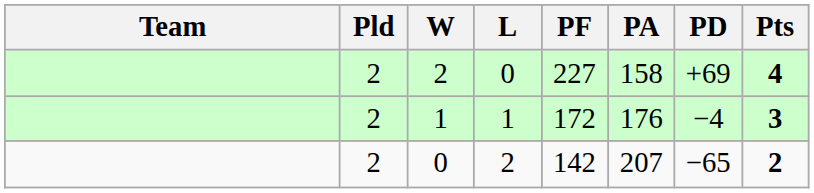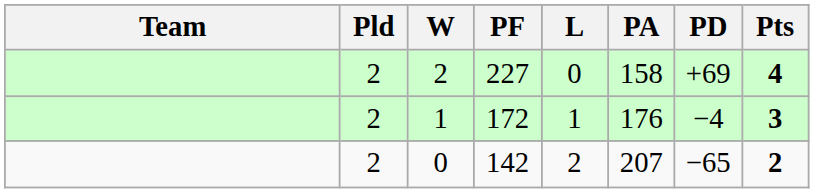 <table class=wikitable style="text-align:center">
 <tr>
 <th width=180>Team</th>
 <th width=30>Pld</th>
 <th width=30>W</th>
+<th width=30>PF</th>
 <th width=30>L</th>
-<th width=30>PF</th>
 <th width=30>PA</th>
 <th width=30>PD</th>
 <th width=30>Pts</th>
 </tr>
 <tr bgcolor="#ccffcc">
 <td align=left></td>
 <td>2</td>
 <td>2</td>
+<td>227</td>
 <td>0</td>
-<td>227</td>
 <td>158</td>
 <td>+69</td>
 <td><strong>4</strong></td>
 </tr>
 <tr bgcolor="#ccffcc">
 <td align=left></td>
 <td>2</td>
 <td>1</td>
+<td>172</td>
 <td>1</td>
-<td>172</td>
 <td>176</td>
 <td>−4</td>
 <td><strong>3</strong></td>
 </tr>
 <tr align=center>
 <td align=left></td>
 <td>2</td>
 <td>0</td>
+<td>142</td>
 <td>2</td>
-<td>142</td>
 <td>207</td>
 <td>−65</td>
 <td><strong>2</strong></td>
 </tr>
 </table>
